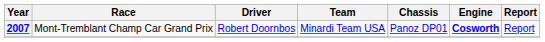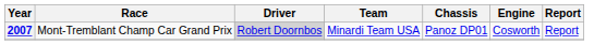 <table class="wikitable" style="font-size: 90%;">
 <tr>
 <th>Year</th>
 <th>Race</th>
 <th>Driver</th>
 <th>Team</th>
 <th>Chassis</th>
 <th>Engine</th>
 <th>Report</th>
 </tr>
 <tr>
 <th><a href='#'>2007</a></th>
 <td>Mont-Tremblant Champ Car Grand Prix</td>
-<td> <a href='#'>Robert Doornbos</a></td>
+<td style="background: lightgrey;"> <a href='#'>Robert Doornbos</a></td>
 <td><a href='#'>Minardi Team USA</a></td>
 <td><a href='#'>Panoz DP01</a></td>
-<td><strong><a href='#'>Cosworth</a></strong></td>
+<td><a href='#'>Cosworth</a></td>
 <td><a href='#'>Report</a></td>
 </tr>
 <tr>
 </tr>
 </table>
